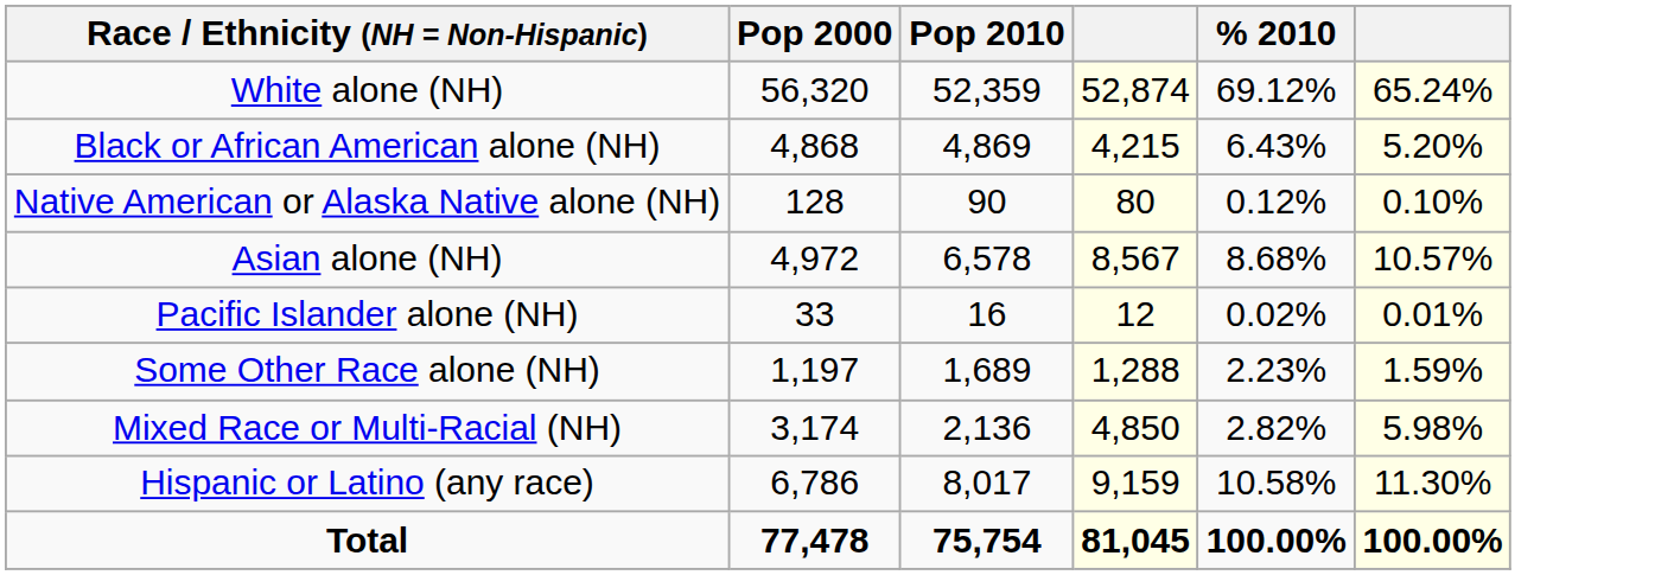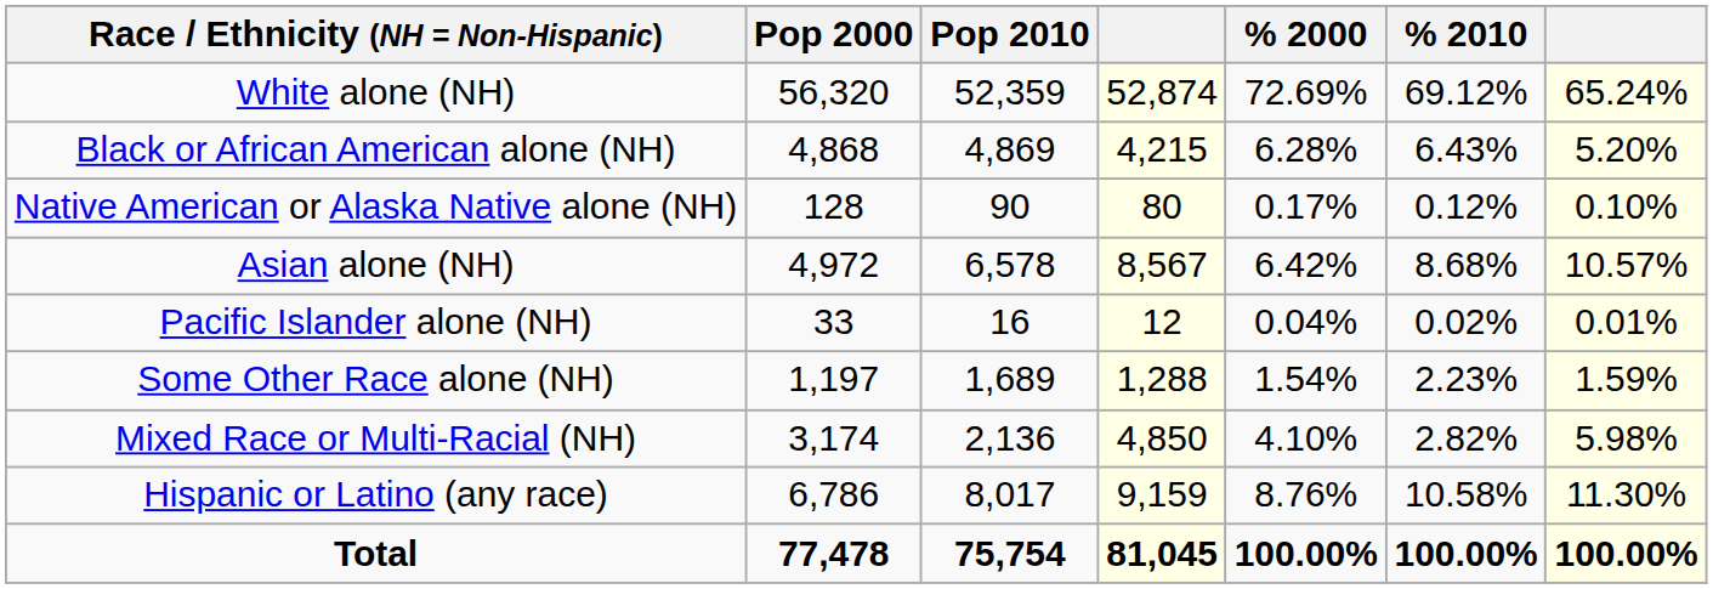 <table class="wikitable" style="text-align:center;">
 <tr>
 <th>Race / Ethnicity <small>(<em>NH = Non-Hispanic</em>)</small></th>
 <th>Pop 2000</th>
 <th>Pop 2010</th>
 <th></th>
+<th>% 2000</th>
 <th>% 2010</th>
 <th></th>
 </tr>
 <tr>
 <td><a href='#'>White</a> alone (NH)</td>
 <td>56,320</td>
 <td>52,359</td>
 <td style='background: #ffffe6;'>52,874</td>
+<td>72.69%</td>
 <td>69.12%</td>
 <td style='background: #ffffe6;'>65.24%</td>
 </tr>
 <tr>
 <td><a href='#'>Black or African American</a> alone (NH)</td>
 <td>4,868</td>
 <td>4,869</td>
 <td style='background: #ffffe6;'>4,215</td>
+<td>6.28%</td>
 <td>6.43%</td>
 <td style='background: #ffffe6;'>5.20%</td>
 </tr>
 <tr>
 <td><a href='#'>Native American</a> or <a href='#'>Alaska Native</a> alone (NH)</td>
 <td>128</td>
 <td>90</td>
 <td style='background: #ffffe6;'>80</td>
+<td>0.17%</td>
 <td>0.12%</td>
 <td style='background: #ffffe6;'>0.10%</td>
 </tr>
 <tr>
 <td><a href='#'>Asian</a> alone (NH)</td>
 <td>4,972</td>
 <td>6,578</td>
 <td style='background: #ffffe6;'>8,567</td>
+<td>6.42%</td>
 <td>8.68%</td>
 <td style='background: #ffffe6;'>10.57%</td>
 </tr>
 <tr>
 <td><a href='#'>Pacific Islander</a> alone (NH)</td>
 <td>33</td>
 <td>16</td>
 <td style='background: #ffffe6;'>12</td>
+<td>0.04%</td>
 <td>0.02%</td>
 <td style='background: #ffffe6;'>0.01%</td>
 </tr>
 <tr>
 <td><a href='#'>Some Other Race</a> alone (NH)</td>
 <td>1,197</td>
 <td>1,689</td>
 <td style='background: #ffffe6;'>1,288</td>
+<td>1.54%</td>
 <td>2.23%</td>
 <td style='background: #ffffe6;'>1.59%</td>
 </tr>
 <tr>
 <td><a href='#'>Mixed Race or Multi-Racial</a> (NH)</td>
 <td>3,174</td>
 <td>2,136</td>
 <td style='background: #ffffe6;'>4,850</td>
+<td>4.10%</td>
 <td>2.82%</td>
 <td style='background: #ffffe6;'>5.98%</td>
 </tr>
 <tr>
 <td><a href='#'>Hispanic or Latino</a> (any race)</td>
 <td>6,786</td>
 <td>8,017</td>
 <td style='background: #ffffe6;'>9,159</td>
+<td>8.76%</td>
 <td>10.58%</td>
 <td style='background: #ffffe6;'>11.30%</td>
 </tr>
 <tr>
 <td><strong>Total</strong></td>
 <td><strong>77,478</strong></td>
 <td><strong>75,754</strong></td>
 <td style='background: #ffffe6;'><strong>81,045</strong></td>
 <td><strong>100.00%</strong></td>
+<td><strong>100.00%</strong></td>
 <td style='background: #ffffe6;'><strong>100.00%</strong></td>
 </tr>
 </table>
